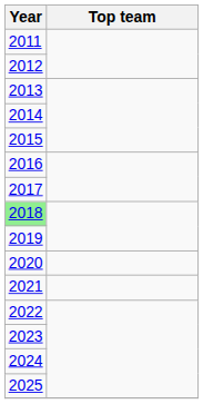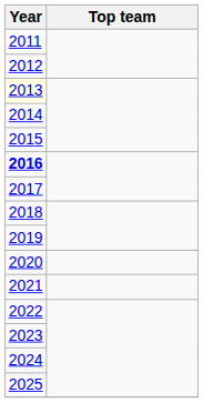 <table class="wikitable sortable">
 <tr>
 <th>Year</th>
 <th style="width:150px">Top team</th>
 </tr>
 <tr>
 <td><a href='#'>2011</a></td>
 <td rowspan="2"></td>
 </tr>
 <tr>
 <td><a href='#'>2012</a></td>
 </tr>
 <tr>
-<td><a href='#'>2013</a></td>
+<td style="background: lightyellow;"><a href='#'>2013</a></td>
 <td rowspan="3"></td>
 </tr>
 <tr>
 <td><a href='#'>2014</a></td>
 </tr>
 <tr>
 <td><a href='#'>2015</a></td>
 </tr>
 <tr>
-<td><a href='#'>2016</a></td>
+<td><strong><a href='#'>2016</a></strong></td>
 <td rowspan="2"></td>
 </tr>
 <tr>
 <td><a href='#'>2017</a></td>
 </tr>
 <tr>
-<td style="background: lightgreen;"><a href='#'>2018</a></td>
+<td><a href='#'>2018</a></td>
 <td rowspan="2"></td>
 </tr>
 <tr>
 <td><a href='#'>2019</a></td>
 </tr>
 <tr>
 <td><a href='#'>2020</a></td>
 <td></td>
 </tr>
 <tr>
 <td><a href='#'>2021</a></td>
 <td></td>
 </tr>
 <tr>
 <td><a href='#'>2022</a></td>
 <td rowspan="4"></td>
 </tr>
 <tr>
 <td><a href='#'>2023</a></td>
 </tr>
 <tr>
 <td><a href='#'>2024</a></td>
 </tr>
 <tr>
 <td><a href='#'>2025</a></td>
 </tr>
 <tr>
 </tr>
 </table>
